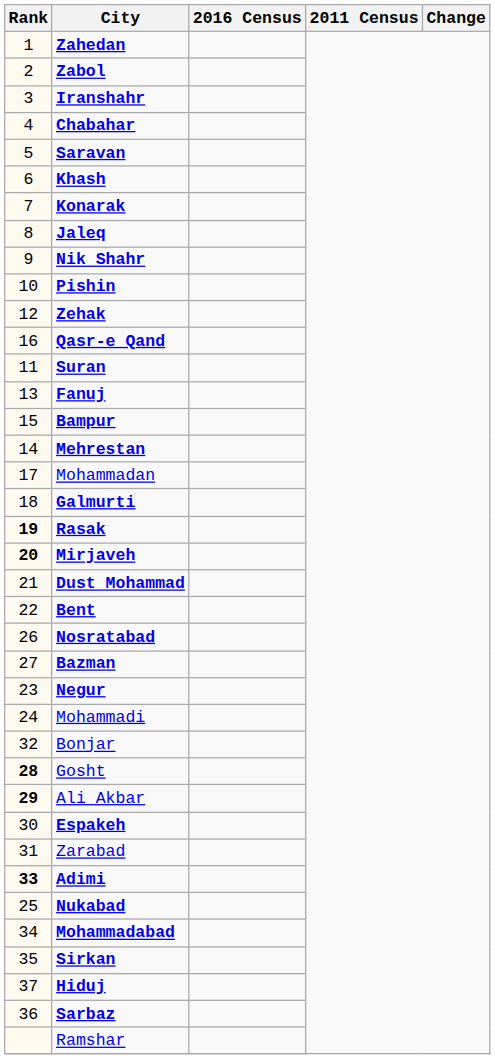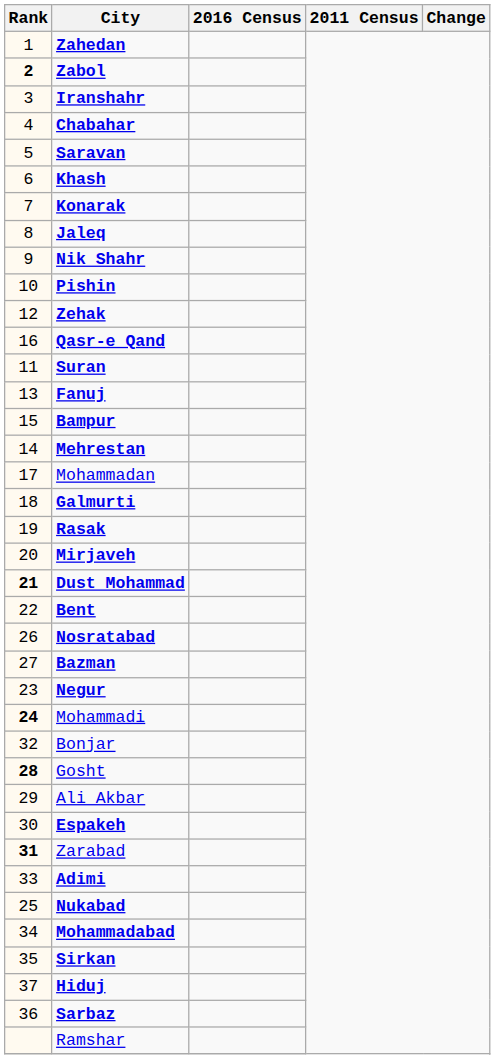 <table class="wikitable sortable">
 <tr>
 <th>Rank</th>
 <th>City</th>
 <th>2016 Census</th>
 <th>2011 Census</th>
 <th>Change</th>
 </tr>
 <tr>
 <td align=center bgcolor="FFFAF0">1</td>
 <td><strong><a href='#'>Zahedan</a></strong></td>
 <td></td>
 </tr>
 <tr>
-<td align=center bgcolor="FFFAF0">2</td>
+<td align=center bgcolor="FFFAF0"><strong>2</strong></td>
 <td><strong><a href='#'>Zabol</a></strong></td>
 <td></td>
 </tr>
 <tr>
 <td align=center bgcolor="FFFAF0">3</td>
 <td><strong><a href='#'>Iranshahr</a></strong></td>
 <td></td>
 </tr>
 <tr>
 <td align=center bgcolor="FFFAF0">4</td>
 <td><strong><a href='#'>Chabahar</a></strong></td>
 <td></td>
 </tr>
 <tr>
 <td align=center bgcolor="FFFAF0">5</td>
 <td><strong><a href='#'>Saravan</a></strong></td>
 <td></td>
 </tr>
 <tr>
 <td align=center bgcolor="FFFAF0">6</td>
 <td><strong><a href='#'>Khash</a></strong></td>
 <td></td>
 </tr>
 <tr>
 <td align=center bgcolor="FFFAF0">7</td>
 <td><strong><a href='#'>Konarak</a></strong></td>
 <td></td>
 </tr>
 <tr>
 <td align=center bgcolor="FFFAF0">8</td>
 <td><strong><a href='#'>Jaleq</a></strong></td>
 <td></td>
 </tr>
 <tr>
 <td align=center bgcolor="FFFAF0">9</td>
 <td><strong><a href='#'>Nik Shahr</a></strong></td>
 <td></td>
 </tr>
 <tr>
 <td align=center bgcolor="FFFAF0">10</td>
 <td><strong><a href='#'>Pishin</a></strong></td>
 <td></td>
 </tr>
 <tr>
 <td align=center bgcolor="FFFAF0">12</td>
 <td><strong><a href='#'>Zehak</a></strong></td>
 <td></td>
 </tr>
 <tr>
 <td align=center bgcolor="FFFAF0">16</td>
 <td><strong><a href='#'>Qasr-e Qand</a></strong></td>
 <td></td>
 </tr>
 <tr>
 <td align=center bgcolor="FFFAF0">11</td>
 <td><strong><a href='#'>Suran</a></strong></td>
 <td></td>
 </tr>
 <tr>
 <td align=center bgcolor="FFFAF0">13</td>
 <td><strong><a href='#'>Fanuj</a></strong></td>
 <td></td>
 </tr>
 <tr>
 <td align=center bgcolor="FFFAF0">15</td>
 <td><strong><a href='#'>Bampur</a></strong></td>
 <td></td>
 </tr>
 <tr>
 <td align=center bgcolor="FFFAF0">14</td>
 <td><strong><a href='#'>Mehrestan</a></strong></td>
 <td></td>
 </tr>
 <tr>
 <td align=center bgcolor="FFFAF0">17</td>
 <td><a href='#'>Mohammadan</a></td>
 <td></td>
 </tr>
 <tr>
 <td align=center bgcolor="FFFAF0">18</td>
 <td><strong><a href='#'>Galmurti</a></strong></td>
 <td></td>
 </tr>
 <tr>
-<td align=center bgcolor="FFFAF0"><strong>19</strong></td>
+<td align=center bgcolor="FFFAF0">19</td>
 <td><strong><a href='#'>Rasak</a></strong></td>
 <td></td>
 </tr>
 <tr>
-<td align=center bgcolor="FFFAF0"><strong>20</strong></td>
+<td align=center bgcolor="FFFAF0">20</td>
 <td><strong><a href='#'>Mirjaveh</a></strong></td>
 <td></td>
 </tr>
 <tr>
-<td align=center bgcolor="FFFAF0">21</td>
+<td align=center bgcolor="FFFAF0"><strong>21</strong></td>
 <td><strong><a href='#'>Dust Mohammad</a></strong></td>
 <td></td>
 </tr>
 <tr>
 <td align=center bgcolor="FFFAF0">22</td>
 <td><strong><a href='#'>Bent</a></strong></td>
 <td></td>
 </tr>
 <tr>
 <td align=center bgcolor="FFFAF0">26</td>
 <td><strong><a href='#'>Nosratabad</a></strong></td>
 <td></td>
 </tr>
 <tr>
 <td align=center bgcolor="FFFAF0">27</td>
 <td><strong><a href='#'>Bazman</a></strong></td>
 <td></td>
 </tr>
 <tr>
 <td align=center bgcolor="FFFAF0">23</td>
 <td><strong><a href='#'>Negur</a></strong></td>
 <td></td>
 </tr>
 <tr>
-<td align=center bgcolor="FFFAF0">24</td>
+<td align=center bgcolor="FFFAF0"><strong>24</strong></td>
 <td><a href='#'>Mohammadi</a></td>
 <td></td>
 </tr>
 <tr>
 <td align=center bgcolor="FFFAF0">32</td>
 <td><a href='#'>Bonjar</a></td>
 <td></td>
 </tr>
 <tr>
 <td align=center bgcolor="FFFAF0"><strong>28</strong></td>
 <td><a href='#'>Gosht</a></td>
 <td></td>
 </tr>
 <tr>
-<td align=center bgcolor="FFFAF0"><strong>29</strong></td>
+<td align=center bgcolor="FFFAF0">29</td>
 <td><a href='#'>Ali Akbar</a></td>
 <td></td>
 </tr>
 <tr>
 <td align=center bgcolor="FFFAF0">30</td>
 <td><strong><a href='#'>Espakeh</a></strong></td>
 <td></td>
 </tr>
 <tr>
-<td align=center bgcolor="FFFAF0">31</td>
+<td align=center bgcolor="FFFAF0"><strong>31</strong></td>
 <td><a href='#'>Zarabad</a></td>
 <td></td>
 </tr>
 <tr>
-<td align=center bgcolor="FFFAF0"><strong>33</strong></td>
+<td align=center bgcolor="FFFAF0">33</td>
 <td><strong><a href='#'>Adimi</a></strong></td>
 <td></td>
 </tr>
 <tr>
 <td align=center bgcolor="FFFAF0">25</td>
 <td><strong><a href='#'>Nukabad</a></strong></td>
 <td></td>
 </tr>
 <tr>
 <td align=center bgcolor="FFFAF0">34</td>
 <td><strong><a href='#'>Mohammadabad</a></strong></td>
 <td></td>
 </tr>
 <tr>
 <td align=center bgcolor="FFFAF0">35</td>
 <td><strong><a href='#'>Sirkan</a></strong></td>
 <td></td>
 </tr>
 <tr>
 <td align=center bgcolor="FFFAF0">37</td>
 <td><strong><a href='#'>Hiduj</a></strong></td>
 <td></td>
 </tr>
 <tr>
 <td align=center bgcolor="FFFAF0">36</td>
 <td><strong><a href='#'>Sarbaz</a></strong></td>
 <td></td>
 </tr>
 <tr>
 <td align=center bgcolor="FFFAF0"></td>
 <td><a href='#'>Ramshar</a></td>
 <td></td>
 </tr>
 <tr>
 </tr>
 </table>
